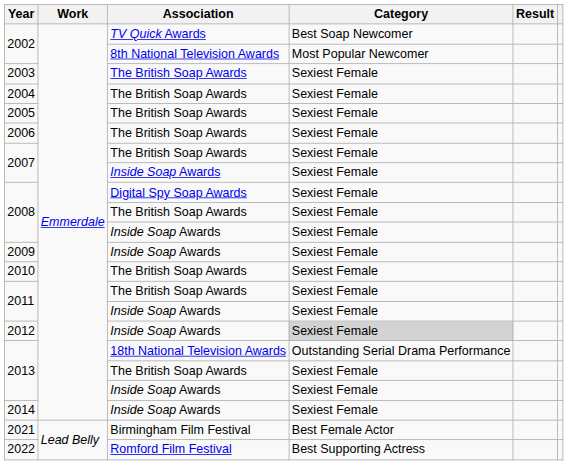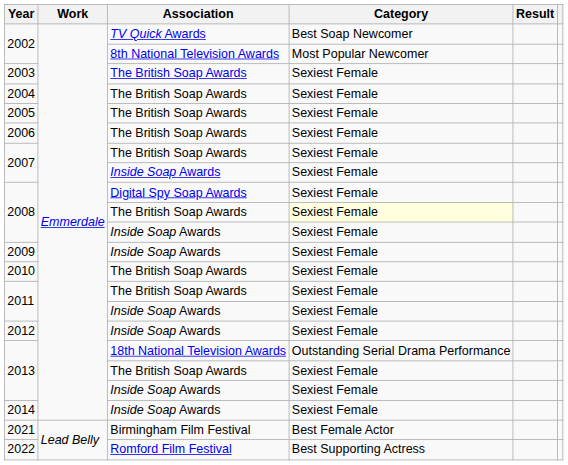 <table class="wikitable sortable">
 <tr>
 <th>Year</th>
 <th>Work</th>
 <th>Association</th>
 <th>Category</th>
 <th>Result</th>
 <th scope=col class=unsortable></th>
 </tr>
 <tr>
 <td rowspan="2">2002</td>
 <td rowspan="20"><em><a href='#'>Emmerdale</a></em></td>
 <td><a href='#'><em>TV Quick</em> Awards</a></td>
 <td>Best Soap Newcomer</td>
 <td></td>
 <td align="center"></td>
 </tr>
 <tr>
 <td><a href='#'>8th National Television Awards</a></td>
 <td>Most Popular Newcomer</td>
 <td></td>
 <td align="center"></td>
 </tr>
 <tr>
 <td>2003</td>
 <td><a href='#'>The British Soap Awards</a></td>
 <td>Sexiest Female</td>
 <td></td>
 <td align="center"></td>
 </tr>
 <tr>
 <td>2004</td>
 <td>The British Soap Awards</td>
 <td>Sexiest Female</td>
 <td></td>
 <td align="center"></td>
 </tr>
 <tr>
 <td>2005</td>
 <td>The British Soap Awards</td>
 <td>Sexiest Female</td>
 <td></td>
 <td align="center"></td>
 </tr>
 <tr>
 <td>2006</td>
 <td>The British Soap Awards</td>
 <td>Sexiest Female</td>
 <td></td>
 <td align="center"></td>
 </tr>
 <tr>
 <td rowspan="2">2007</td>
 <td>The British Soap Awards</td>
 <td>Sexiest Female</td>
 <td></td>
 <td align="center"></td>
 </tr>
 <tr>
 <td><a href='#'><em>Inside Soap</em> Awards</a></td>
 <td>Sexiest Female</td>
 <td></td>
 <td align="center"></td>
 </tr>
 <tr>
 <td rowspan="3">2008</td>
 <td><a href='#'>Digital Spy Soap Awards</a></td>
 <td>Sexiest Female</td>
 <td></td>
 <td align="center"></td>
 </tr>
 <tr>
 <td>The British Soap Awards</td>
-<td>Sexiest Female</td>
+<td style="background: lightyellow;">Sexiest Female</td>
 <td></td>
 <td align="center"></td>
 </tr>
 <tr>
 <td><em>Inside Soap</em> Awards</td>
 <td>Sexiest Female</td>
 <td></td>
 <td align="center"></td>
 </tr>
 <tr>
 <td>2009</td>
 <td><em>Inside Soap</em> Awards</td>
 <td>Sexiest Female</td>
 <td></td>
 <td align="center"></td>
 </tr>
 <tr>
 <td>2010</td>
 <td>The British Soap Awards</td>
 <td>Sexiest Female</td>
 <td></td>
 <td align="center"></td>
 </tr>
 <tr>
 <td rowspan="2">2011</td>
 <td>The British Soap Awards</td>
 <td>Sexiest Female</td>
 <td></td>
 <td align="center"></td>
 </tr>
 <tr>
 <td><em>Inside Soap</em> Awards</td>
 <td>Sexiest Female</td>
 <td></td>
 <td align="center"></td>
 </tr>
 <tr>
 <td>2012</td>
 <td><em>Inside Soap</em> Awards</td>
-<td style="background: lightgrey;">Sexiest Female</td>
+<td>Sexiest Female</td>
 <td></td>
 <td align="center"></td>
 </tr>
 <tr>
 <td rowspan="3">2013</td>
 <td><a href='#'>18th National Television Awards</a></td>
 <td>Outstanding Serial Drama Performance</td>
 <td></td>
 <td align="center"></td>
 </tr>
 <tr>
 <td>The British Soap Awards</td>
 <td>Sexiest Female</td>
 <td></td>
 <td align="center"></td>
 </tr>
 <tr>
 <td><em>Inside Soap</em> Awards</td>
 <td>Sexiest Female</td>
 <td></td>
 <td align="center"></td>
 </tr>
 <tr>
 <td>2014</td>
 <td><em>Inside Soap</em> Awards</td>
 <td>Sexiest Female</td>
 <td></td>
 <td align="center"></td>
 </tr>
 <tr>
 <td>2021</td>
 <td rowspan="2"><em>Lead Belly</em></td>
 <td>Birmingham Film Festival</td>
 <td>Best Female Actor</td>
 <td></td>
 <td align="center"></td>
 </tr>
 <tr>
 <td>2022</td>
 <td><a href='#'>Romford Film Festival</a></td>
 <td>Best Supporting Actress</td>
 <td></td>
 <td align="center"></td>
 </tr>
 </table>
